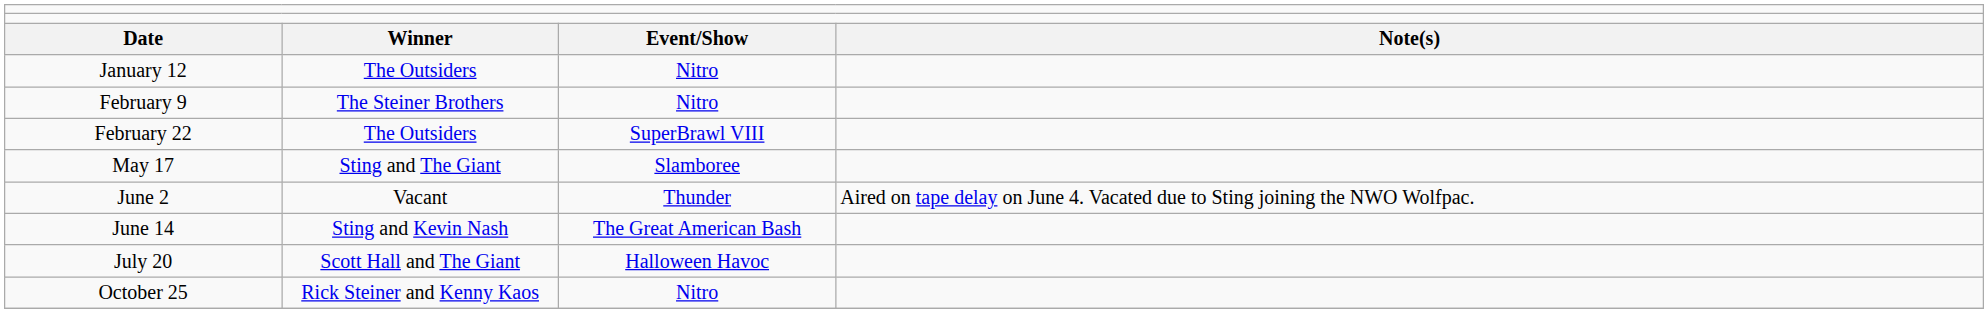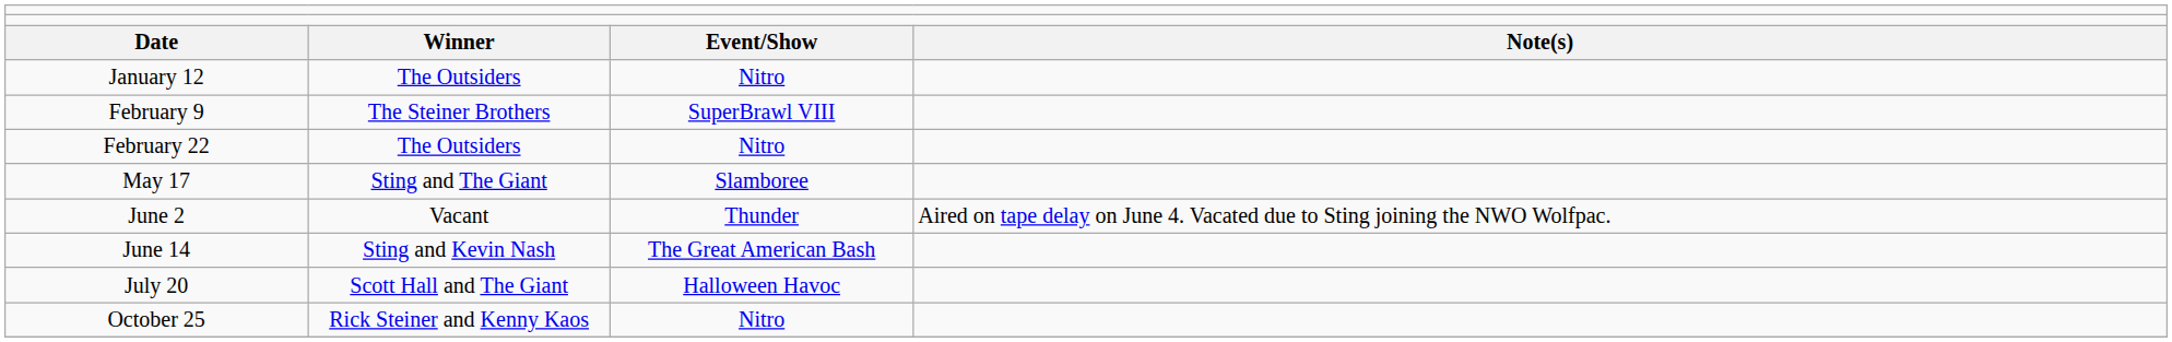 <table class="wikitable" style="text-align:center; width:100%;">
 <tr>
 <td colspan="5"></td>
 </tr>
 <tr>
 <td colspan="5"><strong></strong></td>
 </tr>
 <tr>
 <th width=14%>Date</th>
 <th width=14%>Winner</th>
 <th width=14%>Event/Show</th>
 <th width=58%>Note(s)</th>
 </tr>
 <tr>
 <td>January 12</td>
 <td><a href='#'>The Outsiders</a><br></td>
 <td><a href='#'>Nitro</a></td>
 <td align=left></td>
 </tr>
 <tr>
 <td>February 9</td>
 <td><a href='#'>The Steiner Brothers</a><br></td>
-<td><a href='#'>Nitro</a></td>
+<td><a href='#'>SuperBrawl VIII</a></td>
 <td align=left></td>
 </tr>
 <tr>
 <td>February 22</td>
 <td><a href='#'>The Outsiders</a><br></td>
-<td><a href='#'>SuperBrawl VIII</a></td>
+<td><a href='#'>Nitro</a></td>
 <td align=left></td>
 </tr>
 <tr>
 <td>May 17</td>
 <td><a href='#'>Sting</a> and <a href='#'>The Giant</a></td>
 <td><a href='#'>Slamboree</a></td>
 <td align=left></td>
 </tr>
 <tr>
 <td>June 2</td>
 <td>Vacant</td>
 <td><a href='#'>Thunder</a></td>
 <td align=left>Aired on <a href='#'>tape delay</a> on June 4. Vacated due to Sting joining the NWO Wolfpac.</td>
 </tr>
 <tr>
 <td>June 14</td>
 <td><a href='#'>Sting</a> and <a href='#'>Kevin Nash</a></td>
 <td><a href='#'>The Great American Bash</a></td>
 <td align=left></td>
 </tr>
 <tr>
 <td>July 20</td>
 <td><a href='#'>Scott Hall</a> and <a href='#'>The Giant</a></td>
 <td><a href='#'>Halloween Havoc</a></td>
 <td align=left></td>
 </tr>
 <tr>
 <td>October 25</td>
 <td><a href='#'>Rick Steiner</a> and <a href='#'>Kenny Kaos</a></td>
 <td><a href='#'>Nitro</a></td>
 <td align=left></td>
 </tr>
 <tr>
 </tr>
 </table>
